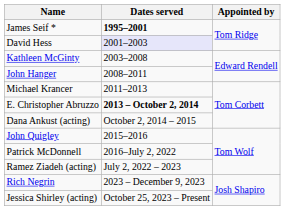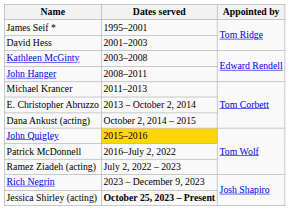 <table class="wikitable">
 <tr>
 <th>Name</th>
 <th>Dates served</th>
 <th>Appointed by</th>
 </tr>
 <tr>
 <td>James Seif *</td>
-<td><strong>1995–2001</strong></td>
+<td>1995–2001</td>
 <td rowspan="2"><a href='#'>Tom Ridge</a></td>
 </tr>
 <tr>
 <td>David Hess</td>
-<td style="background: lavender;">2001–2003</td>
+<td>2001–2003</td>
 </tr>
 <tr>
 <td><a href='#'>Kathleen McGinty</a></td>
 <td>2003–2008</td>
 <td rowspan="2"><a href='#'>Edward Rendell</a></td>
 </tr>
 <tr>
 <td><a href='#'>John Hanger</a></td>
 <td>2008–2011</td>
 </tr>
 <tr>
 <td>Michael Krancer</td>
 <td>2011–2013</td>
 <td rowspan="3"><a href='#'>Tom Corbett</a></td>
 </tr>
 <tr>
 <td>E. Christopher Abruzzo</td>
-<td><strong>2013 – October 2, 2014</strong></td>
+<td>2013 – October 2, 2014</td>
 </tr>
 <tr>
 <td>Dana Ankust (acting)</td>
 <td>October 2, 2014 – 2015</td>
 </tr>
 <tr>
 <td><a href='#'>John Quigley</a></td>
-<td>2015–2016</td>
+<td style="background: gold;">2015–2016</td>
 <td rowspan="3"><a href='#'>Tom Wolf</a></td>
 </tr>
 <tr>
 <td>Patrick McDonnell </td>
 <td>2016–July 2, 2022</td>
 </tr>
 <tr>
 <td>Ramez Ziadeh (acting)</td>
 <td>July 2, 2022 – 2023</td>
 </tr>
 <tr>
 <td><a href='#'>Rich Negrin</a></td>
 <td>2023 – December 9, 2023</td>
 <td rowspan="2"><a href='#'>Josh Shapiro</a></td>
 </tr>
 <tr>
 <td>Jessica Shirley (acting)</td>
-<td>October 25, 2023 – Present</td>
+<td><strong>October 25, 2023 – Present</strong></td>
 </tr>
 </table>
